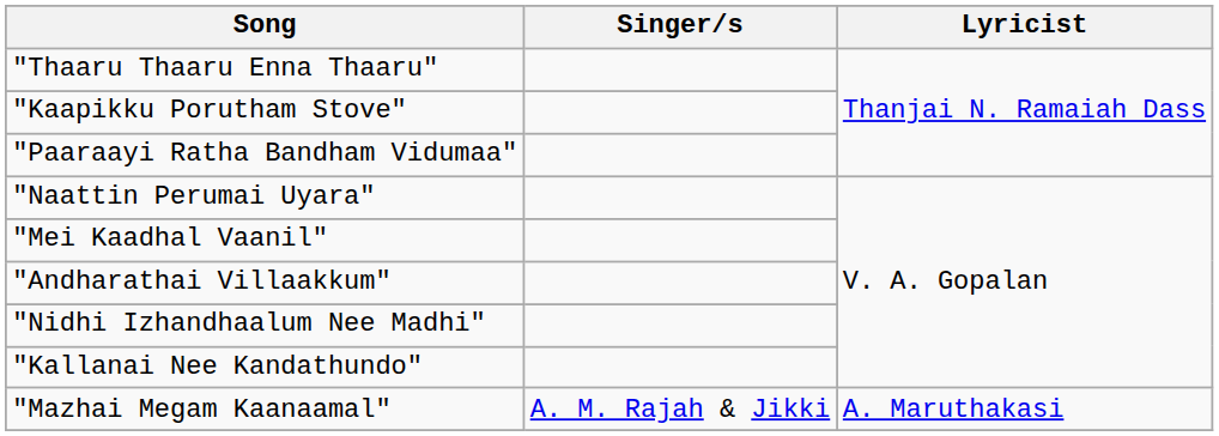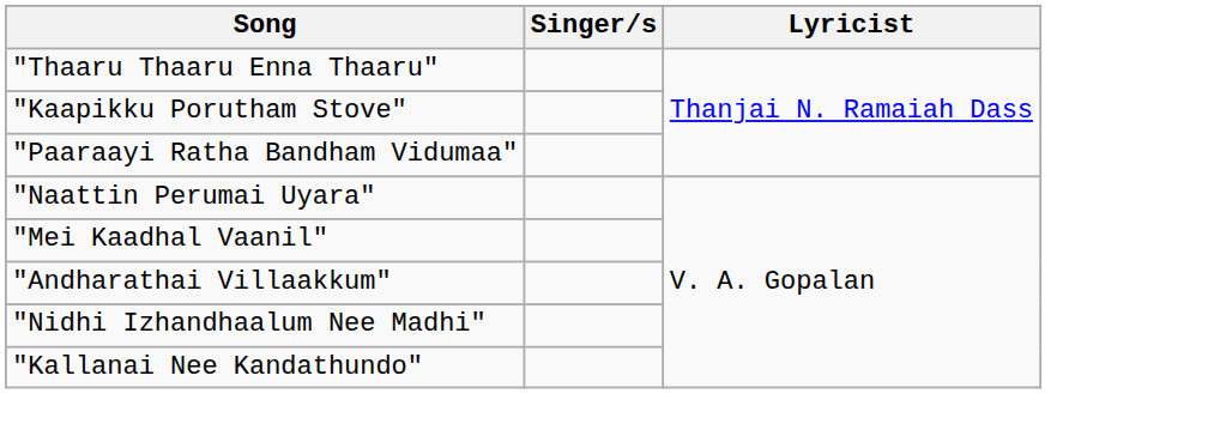 <table class="wikitable" style="font-size:95%;">
 <tr>
 <th>Song</th>
 <th>Singer/s</th>
 <th>Lyricist</th>
 </tr>
 <tr>
 <td>"Thaaru Thaaru Enna Thaaru"</td>
 <td></td>
 <td rowspan=3><a href='#'>Thanjai N. Ramaiah Dass</a></td>
 </tr>
 <tr>
 <td>"Kaapikku Porutham Stove"</td>
 <td></td>
 </tr>
 <tr>
 <td>"Paaraayi Ratha Bandham Vidumaa"</td>
 <td></td>
 </tr>
 <tr>
 <td>"Naattin Perumai Uyara"</td>
 <td></td>
 <td rowspan=5>V. A. Gopalan</td>
 </tr>
 <tr>
 <td>"Mei Kaadhal Vaanil"</td>
 <td></td>
 </tr>
 <tr>
 <td>"Andharathai Villaakkum"</td>
 <td></td>
 </tr>
 <tr>
 <td>"Nidhi Izhandhaalum Nee Madhi"</td>
 <td></td>
 </tr>
 <tr>
 <td>"Kallanai Nee Kandathundo"</td>
 <td></td>
 </tr>
-<tr>
-<td>"Mazhai Megam Kaanaamal"</td>
-<td><a href='#'>A. M. Rajah</a> & <a href='#'>Jikki</a></td>
-<td><a href='#'>A. Maruthakasi</a></td>
-</tr>
 </table>
